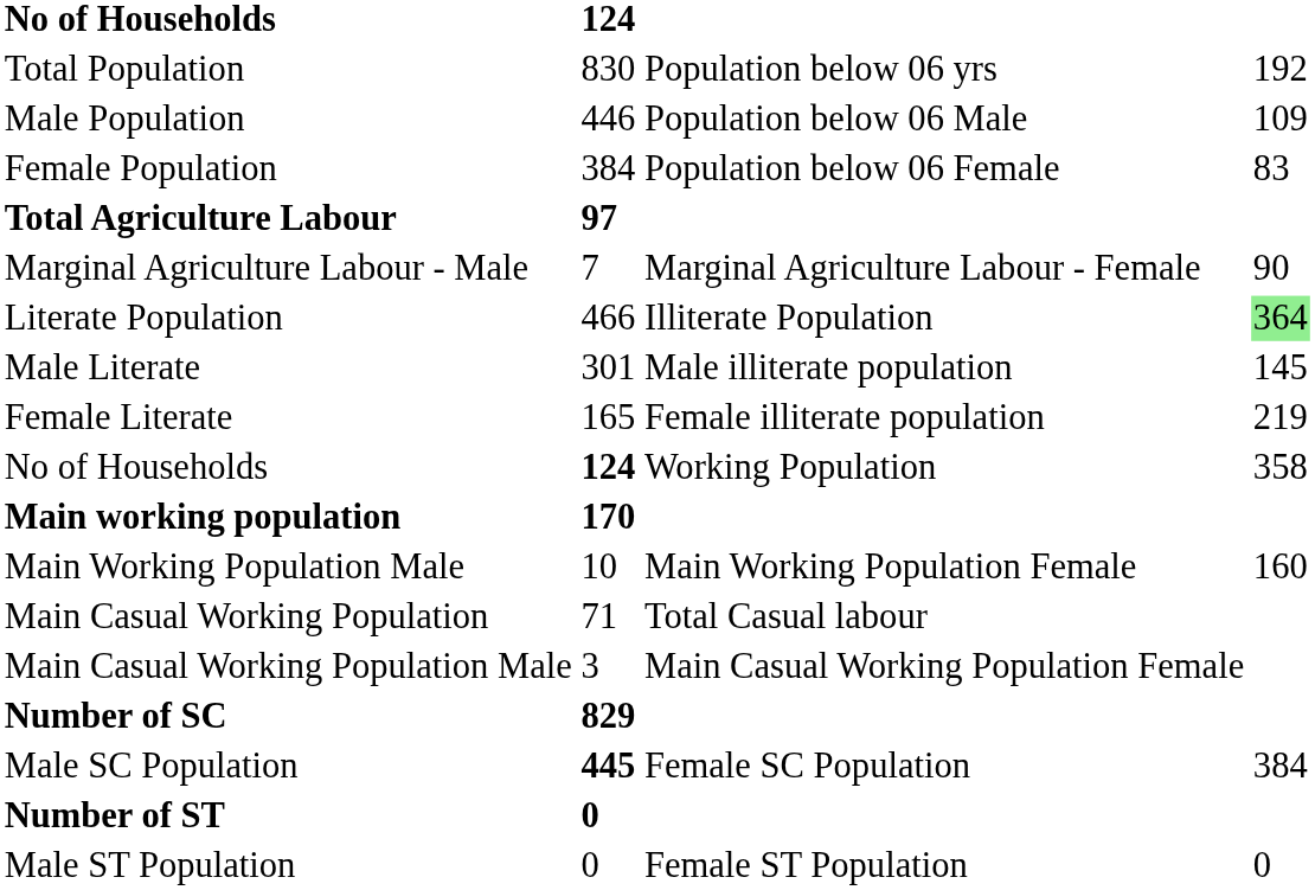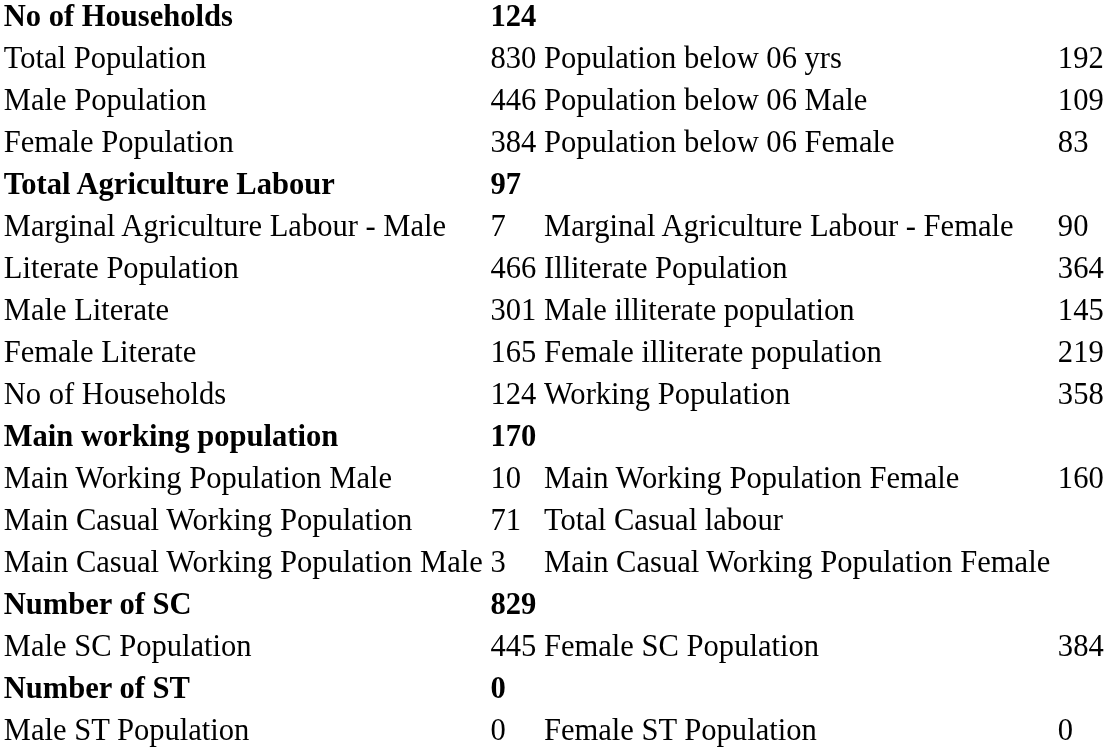 <table class="Census Report (2001) of the village ">
 <tr>
 <th></th>
 <th></th>
 <th></th>
 <th></th>
 <th></th>
 </tr>
 <tr>
 <td><strong>No of Households</strong></td>
 <td><strong>124</strong></td>
 </tr>
 <tr>
 <td>Total Population</td>
 <td>830</td>
 <td>Population below 06 yrs</td>
 <td>192</td>
 </tr>
 <tr>
 <td>Male Population</td>
 <td>446</td>
 <td>Population below 06 Male</td>
 <td>109</td>
 </tr>
 <tr>
 <td>Female Population</td>
 <td>384</td>
 <td>Population below 06 Female</td>
 <td>83</td>
 </tr>
 <tr>
 <td><strong>Total Agriculture Labour</strong></td>
 <td><strong>97</strong></td>
 </tr>
 <tr>
 <td>Marginal Agriculture Labour - Male</td>
 <td>7</td>
 <td>Marginal Agriculture Labour - Female</td>
 <td>90</td>
 </tr>
 <tr>
 <td>Literate Population</td>
 <td>466</td>
 <td>Illiterate Population</td>
-<td style="background: lightgreen;">364</td>
+<td>364</td>
 </tr>
 <tr>
 <td>Male Literate</td>
 <td>301</td>
 <td>Male illiterate population</td>
 <td>145</td>
 </tr>
 <tr>
 <td>Female Literate</td>
 <td>165</td>
 <td>Female illiterate population</td>
 <td>219</td>
 </tr>
 <tr>
 <td>No of Households</td>
-<td><strong>124</strong></td>
+<td>124</td>
 <td>Working Population</td>
 <td>358</td>
 </tr>
 <tr>
 <td><strong>Main working population</strong></td>
 <td><strong>170</strong></td>
 </tr>
 <tr>
 <td>Main Working Population Male</td>
 <td>10</td>
 <td>Main Working Population Female</td>
 <td>160</td>
 </tr>
 <tr>
 <td>Main Casual Working Population</td>
 <td>71</td>
 <td>Total Casual labour</td>
 <td></td>
 </tr>
 <tr>
 <td>Main Casual Working Population Male</td>
 <td>3</td>
 <td>Main Casual Working Population Female</td>
 </tr>
 <tr>
 <td><strong>Number of SC</strong></td>
 <td><strong>829</strong></td>
 </tr>
 <tr>
 <td>Male SC Population</td>
-<td><strong>445</strong></td>
+<td>445</td>
 <td>Female SC Population</td>
 <td>384</td>
 </tr>
 <tr>
 <td><strong>Number of ST</strong></td>
 <td><strong>0</strong></td>
 </tr>
 <tr>
 <td>Male ST Population</td>
 <td>0</td>
 <td>Female ST Population</td>
 <td>0</td>
 </tr>
 </table>
